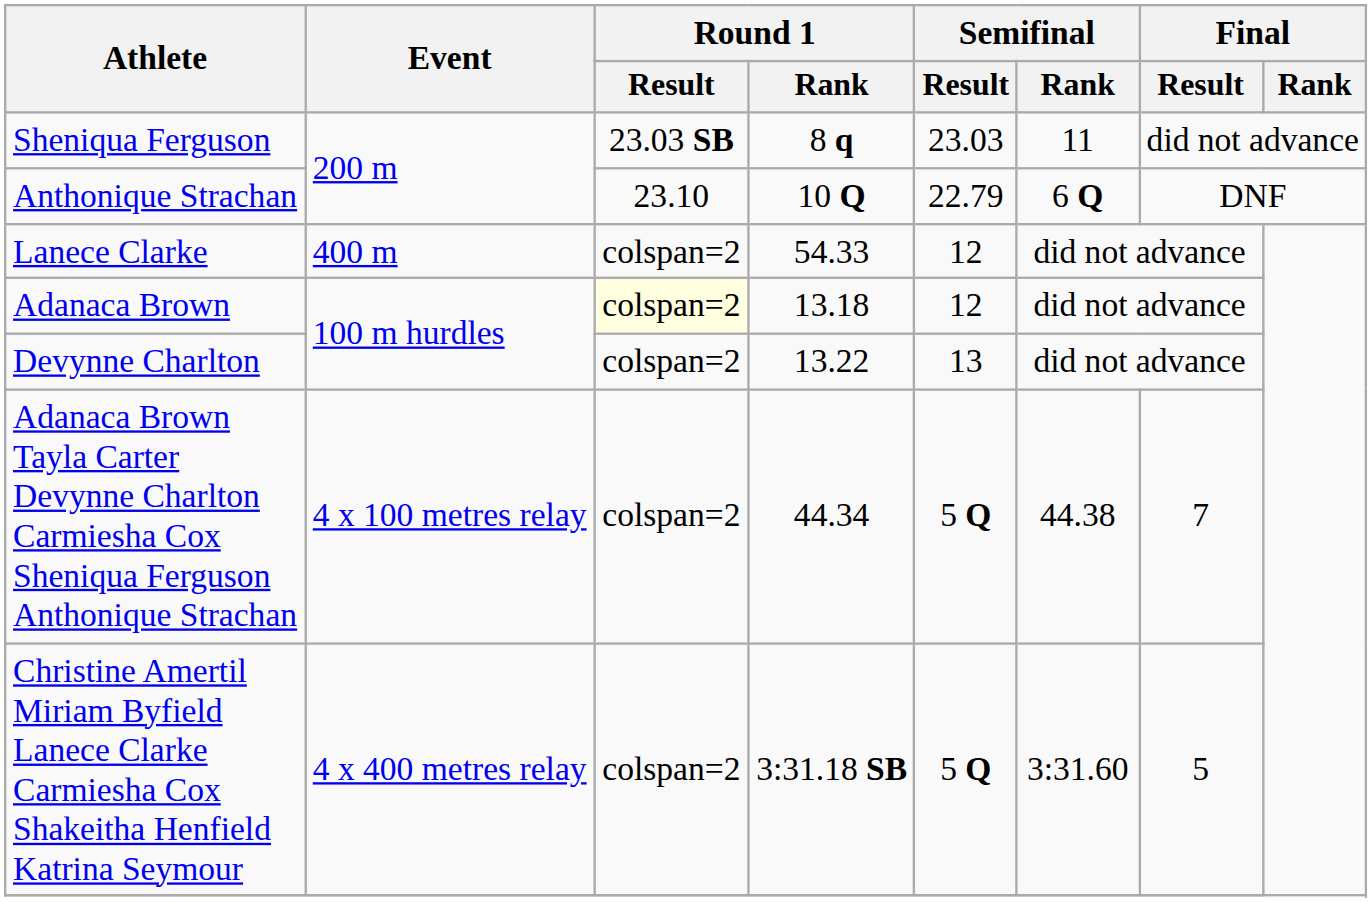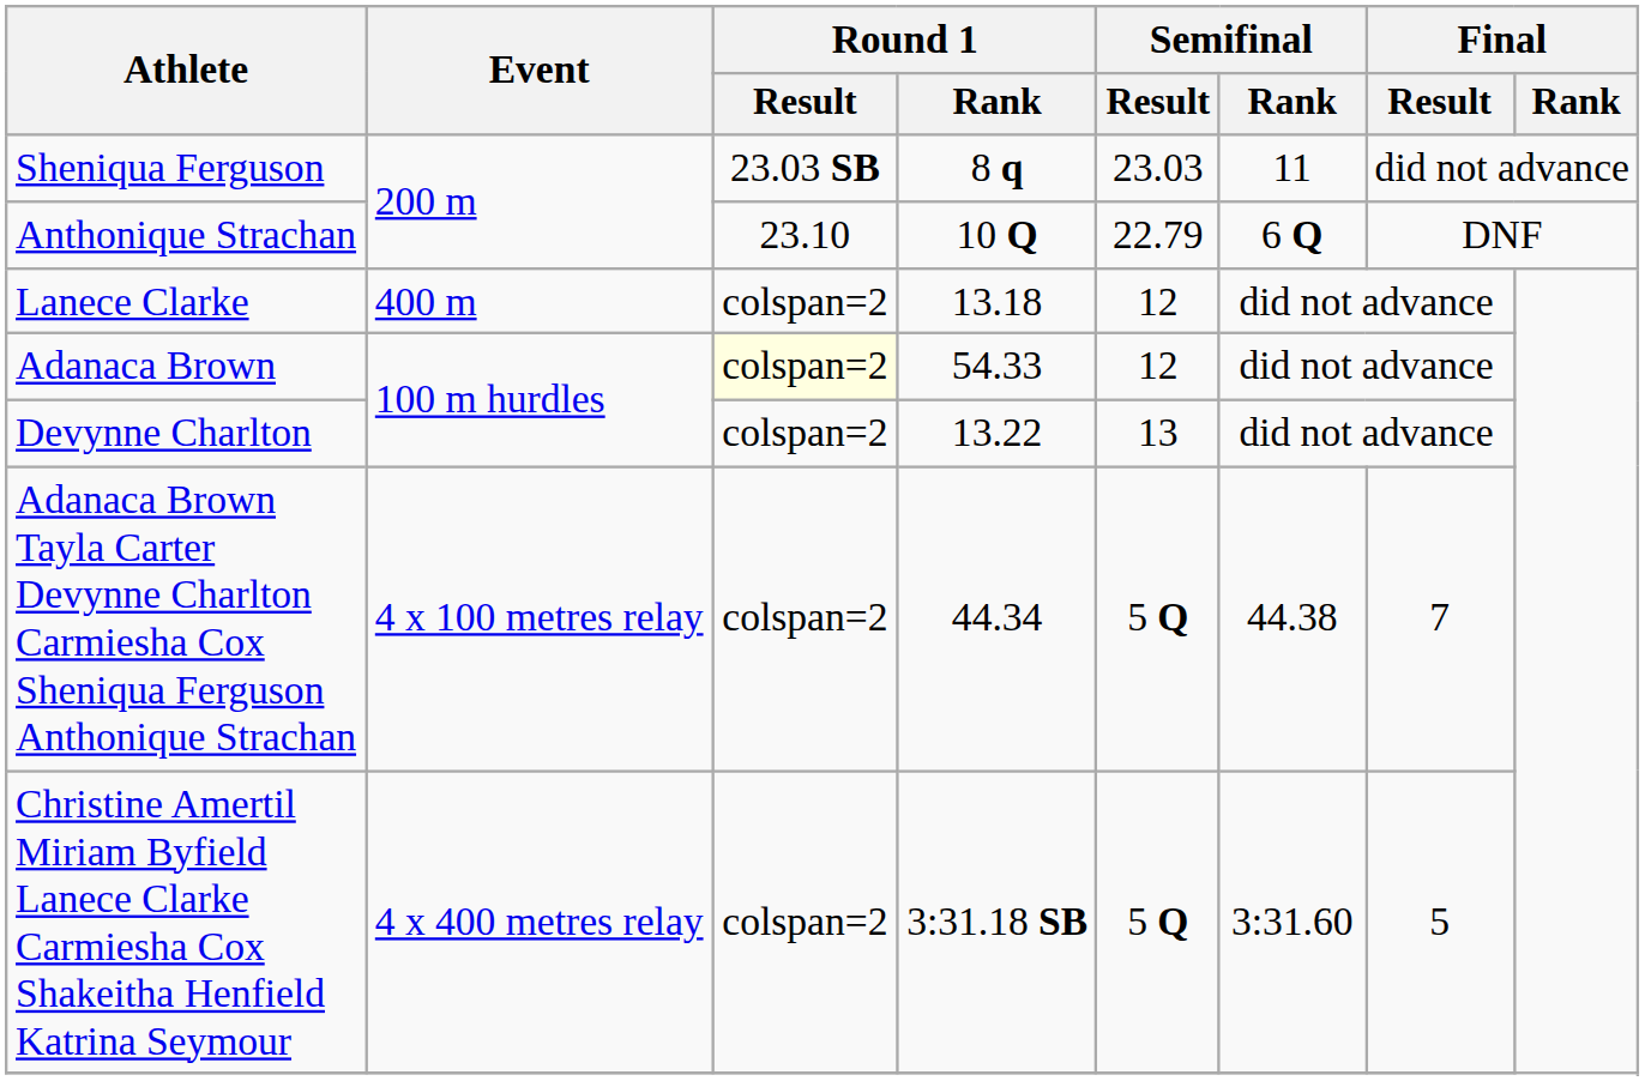 <table class=wikitable style="font-size:90%">
 <tr>
 <th rowspan="2">Athlete</th>
 <th rowspan="2">Event</th>
 <th colspan="2">Round 1</th>
 <th colspan="2">Semifinal</th>
 <th colspan="2">Final</th>
 </tr>
 <tr style="font-size:95%">
 <th>Result</th>
 <th>Rank</th>
 <th>Result</th>
 <th>Rank</th>
 <th>Result</th>
 <th>Rank</th>
 </tr>
 <tr align=center>
 <td align=left><a href='#'>Sheniqua Ferguson</a></td>
 <td align=left rowspan="2"><a href='#'>200 m</a></td>
 <td>23.03 <strong>SB</strong></td>
 <td>8 <strong>q</strong></td>
 <td>23.03</td>
 <td>11</td>
 <td colspan="2">did not advance</td>
 </tr>
 <tr align=center>
 <td align=left><a href='#'>Anthonique Strachan</a></td>
 <td>23.10</td>
 <td>10 <strong>Q</strong></td>
 <td>22.79</td>
 <td>6 <strong>Q</strong></td>
 <td colspan="2">DNF</td>
 </tr>
 <tr align=center>
 <td align=left><a href='#'>Lanece Clarke</a></td>
 <td align=left rowspan="1"><a href='#'>400 m</a></td>
 <td>colspan=2 </td>
-<td>54.33</td>
+<td>13.18</td>
 <td>12</td>
 <td colspan=2>did not advance</td>
 </tr>
 <tr align=center>
 <td align=left><a href='#'>Adanaca Brown</a></td>
 <td align=left rowspan="2"><a href='#'>100 m hurdles</a></td>
 <td style="background: lightyellow;">colspan=2 </td>
-<td>13.18</td>
+<td>54.33</td>
 <td>12</td>
 <td colspan=2>did not advance</td>
 </tr>
 <tr align=center>
 <td align=left><a href='#'>Devynne Charlton</a></td>
 <td>colspan=2 </td>
 <td>13.22</td>
 <td>13</td>
 <td colspan=2>did not advance</td>
 </tr>
 <tr align=center>
 <td align=left><a href='#'>Adanaca Brown</a><br><a href='#'>Tayla Carter</a><br><a href='#'>Devynne Charlton</a><br><a href='#'>Carmiesha Cox</a><br><a href='#'>Sheniqua Ferguson</a> <br><a href='#'>Anthonique Strachan</a></td>
 <td align=left><a href='#'>4 x 100 metres relay</a></td>
 <td>colspan=2 </td>
 <td>44.34</td>
 <td>5 <strong>Q</strong></td>
 <td>44.38</td>
 <td>7</td>
 </tr>
 <tr align=center>
 <td align=left><a href='#'>Christine Amertil</a><br><a href='#'>Miriam Byfield</a><br><a href='#'>Lanece Clarke</a><br><a href='#'>Carmiesha Cox</a><br><a href='#'>Shakeitha Henfield</a><br><a href='#'>Katrina Seymour</a></td>
 <td align=left><a href='#'>4 x 400 metres relay</a></td>
 <td>colspan=2 </td>
 <td>3:31.18 <strong>SB</strong></td>
 <td>5 <strong>Q</strong></td>
 <td>3:31.60</td>
 <td>5</td>
 </tr>
 <tr align=center>
 </tr>
 </table>
